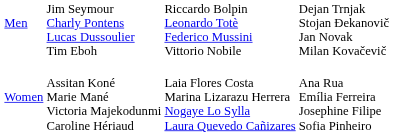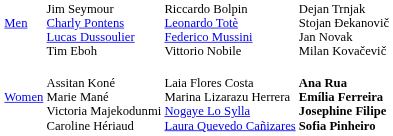 <table>
 <tr>
 <td><a href='#'>Men</a></td>
 <td><br>Jim Seymour<br><a href='#'>Charly Pontens</a><br><a href='#'>Lucas Dussoulier</a><br>Tim Eboh</td>
 <td><br>Riccardo Bolpin<br><a href='#'>Leonardo Totè</a><br><a href='#'>Federico Mussini</a><br>Vittorio Nobile</td>
 <td><br>Dejan Trnjak<br>Stojan Đekanovič<br>Jan Novak<br>Milan Kovačevič</td>
 </tr>
 <tr>
 <td><a href='#'>Women</a></td>
 <td><br>Assitan Koné<br>Marie Mané<br>Victoria Majekodunmi<br>Caroline Hériaud</td>
 <td><br>Laia Flores Costa<br>Marina Lizarazu Herrera<br><a href='#'>Nogaye Lo Sylla</a><br><a href='#'>Laura Quevedo Cañizares</a></td>
-<td><br>Ana Rua<br>Emília Ferreira<br>Josephine Filipe<br>Sofia Pinheiro</td>
+<td><strong><br>Ana Rua<br>Emília Ferreira<br>Josephine Filipe<br>Sofia Pinheiro</strong></td>
 </tr>
 </table>
